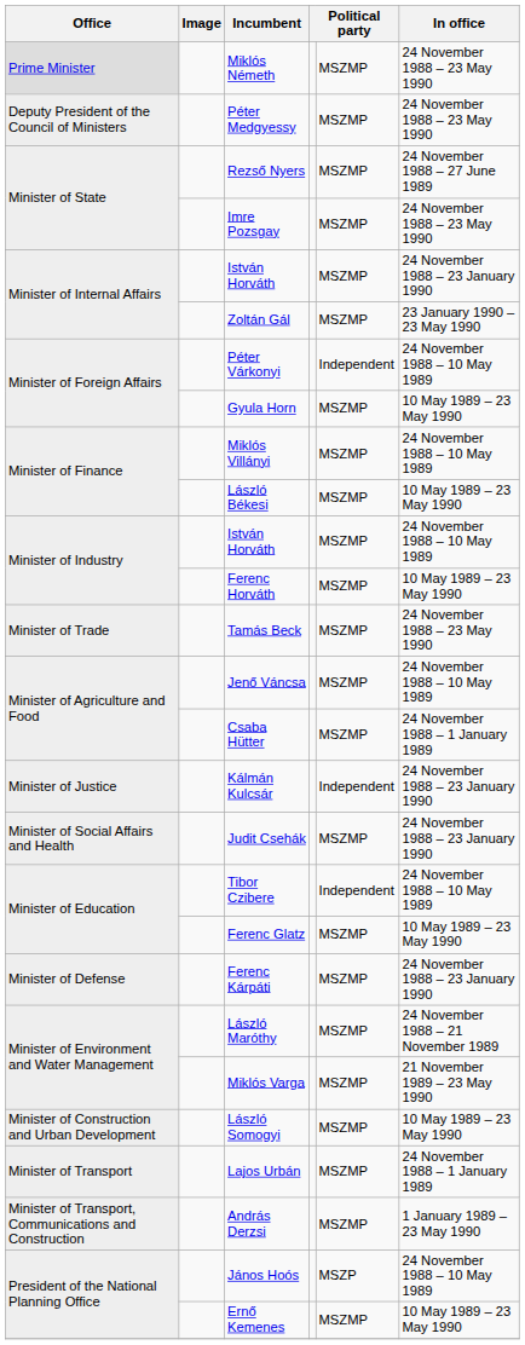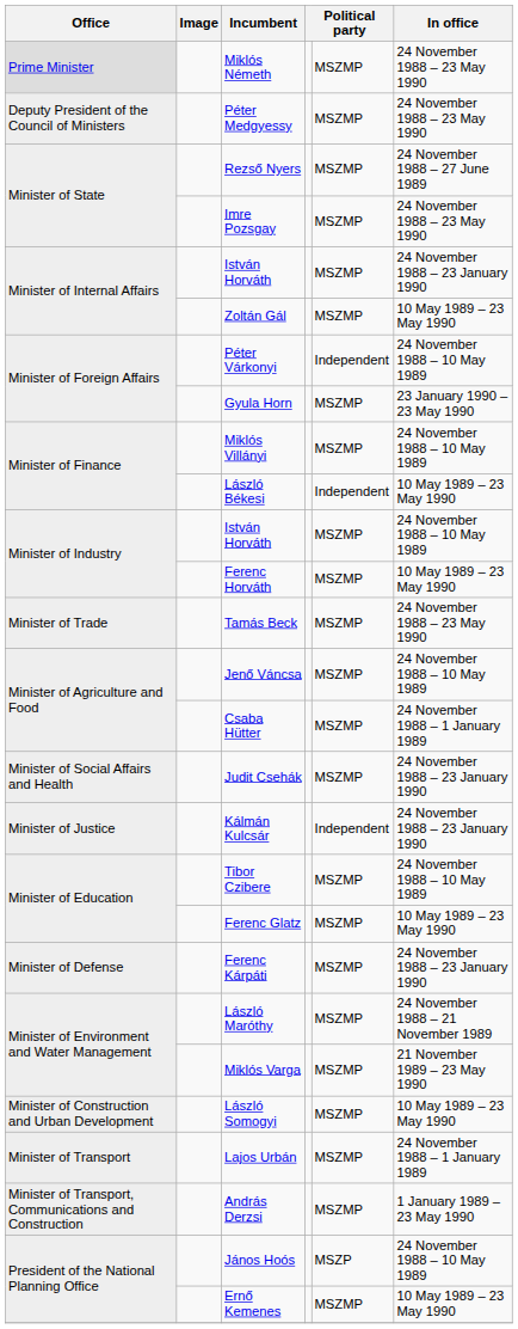 <table class="wikitable">
 <tr>
 <th>Office</th>
 <th>Image</th>
 <th>Incumbent</th>
 <th colspan="2">Political party</th>
 <th>In office</th>
 </tr>
 <tr>
 <td rowspan=1 style="background:#ddd;"><a href='#'>Prime Minister</a></td>
 <td></td>
 <td><a href='#'>Miklós Németh</a></td>
 <td style="background-color: "></td>
 <td>MSZMP</td>
 <td>24 November 1988 – 23 May 1990</td>
 </tr>
 <tr ---------------------------------------------------------->
 <td rowspan=1 style="background:#eee;">Deputy President of the Council of Ministers</td>
 <td></td>
 <td><a href='#'>Péter Medgyessy</a></td>
 <td style="background-color: "></td>
 <td>MSZMP</td>
 <td>24 November 1988 – 23 May 1990</td>
 </tr>
 <tr ----------------------------------------------------------->
 <td rowspan=2 style="background:#eee;">Minister of State</td>
 <td></td>
 <td><a href='#'>Rezső Nyers</a></td>
 <td style="background-color: "></td>
 <td>MSZMP</td>
 <td>24 November 1988 – 27 June 1989</td>
 </tr>
 <tr>
 <td></td>
 <td><a href='#'>Imre Pozsgay</a></td>
 <td style="background-color: "></td>
 <td>MSZMP</td>
 <td>24 November 1988 – 23 May 1990</td>
 </tr>
 <tr ------------------------------------------------->
 <td rowspan=2 style="background:#eee;">Minister of Internal Affairs</td>
 <td></td>
 <td><a href='#'>István Horváth</a></td>
 <td style="background-color: "></td>
 <td>MSZMP</td>
 <td>24 November 1988 – 23 January 1990</td>
 </tr>
 <tr>
 <td></td>
 <td><a href='#'>Zoltán Gál</a></td>
 <td style="background-color: "></td>
 <td>MSZMP</td>
-<td>23 January 1990 – 23 May 1990</td>
+<td>10 May 1989 – 23 May 1990</td>
 </tr>
 <tr --------------------------------------------------------------------->
 <td rowspan=2 style="background:#eee;">Minister of Foreign Affairs</td>
 <td></td>
 <td><a href='#'>Péter Várkonyi</a></td>
 <td style="background-color: "></td>
 <td>Independent</td>
 <td>24 November 1988 – 10 May 1989</td>
 </tr>
 <tr>
 <td></td>
 <td><a href='#'>Gyula Horn</a></td>
 <td style="background-color: "></td>
 <td>MSZMP</td>
-<td>10 May 1989 – 23 May 1990</td>
+<td>23 January 1990 – 23 May 1990</td>
 </tr>
 <tr ------------------------------------------------->
 <td rowspan=2 style="background:#eee;">Minister of Finance</td>
 <td></td>
 <td><a href='#'>Miklós Villányi</a></td>
 <td style="background-color: "></td>
 <td>MSZMP</td>
 <td>24 November 1988 – 10 May 1989</td>
 </tr>
 <tr>
 <td></td>
 <td><a href='#'>László Békesi</a></td>
 <td style="background-color: "></td>
-<td>MSZMP</td>
+<td>Independent</td>
 <td>10 May 1989 – 23 May 1990</td>
 </tr>
 <tr --------------------------------------------------------------------->
 <td rowspan=2 style="background:#eee;">Minister of Industry</td>
 <td></td>
 <td><a href='#'>István Horváth</a></td>
 <td style="background-color: "></td>
 <td>MSZMP</td>
 <td>24 November 1988 – 10 May 1989</td>
 </tr>
 <tr>
 <td></td>
 <td><a href='#'>Ferenc Horváth</a></td>
 <td style="background-color: "></td>
 <td>MSZMP</td>
 <td>10 May 1989 – 23 May 1990</td>
 </tr>
 <tr --------------------------------------------------------------------->
 <td rowspan=1 style="background:#eee;">Minister of Trade</td>
 <td></td>
 <td><a href='#'>Tamás Beck</a></td>
 <td style="background-color: "></td>
 <td>MSZMP</td>
 <td>24 November 1988 – 23 May 1990</td>
 </tr>
 <tr --------------------------------------------------------------------->
 <td rowspan=2 style="background:#eee;">Minister of Agriculture and Food</td>
 <td></td>
 <td><a href='#'>Jenő Váncsa</a></td>
 <td style="background-color: "></td>
 <td>MSZMP</td>
 <td>24 November 1988 – 10 May 1989</td>
 </tr>
 <tr>
 <td></td>
 <td><a href='#'>Csaba Hütter</a></td>
 <td style="background-color: "></td>
 <td>MSZMP</td>
 <td>24 November 1988 – 1 January 1989</td>
 </tr>
 <tr --------------------------------------------------------------------->
+<td rowspan=1 style="background:#eee;">Minister of Social Affairs and Health</td>
+<td></td>
+<td><a href='#'>Judit Csehák</a></td>
+<td style="background-color: "></td>
+<td>MSZMP</td>
+<td>24 November 1988 – 23 January 1990</td>
+</tr>
+<tr --------------------------------------------------------------------->
 <td rowspan=1 style="background:#eee;">Minister of Justice</td>
 <td></td>
 <td><a href='#'>Kálmán Kulcsár</a></td>
 <td style="background-color: "></td>
 <td>Independent</td>
 <td>24 November 1988 – 23 January 1990</td>
 </tr>
 <tr --------------------------------------------------------------------->
-<td rowspan=1 style="background:#eee;">Minister of Social Affairs and Health</td>
-<td></td>
-<td><a href='#'>Judit Csehák</a></td>
-<td style="background-color: "></td>
-<td>MSZMP</td>
-<td>24 November 1988 – 23 January 1990</td>
-</tr>
-<tr --------------------------------------------------------------------->
 <td rowspan=2 style="background:#eee;">Minister of Education</td>
 <td></td>
 <td><a href='#'>Tibor Czibere</a></td>
 <td style="background-color: "></td>
-<td>Independent</td>
+<td>MSZMP</td>
 <td>24 November 1988 – 10 May 1989</td>
 </tr>
 <tr>
 <td></td>
 <td><a href='#'>Ferenc Glatz</a></td>
 <td style="background-color: "></td>
 <td>MSZMP</td>
 <td>10 May 1989 – 23 May 1990</td>
 </tr>
 <tr --------------------------------------------------------------------->
 <td rowspan=1 style="background:#eee;">Minister of Defense</td>
 <td></td>
 <td><a href='#'>Ferenc Kárpáti</a></td>
 <td style="background-color: "></td>
 <td>MSZMP</td>
 <td>24 November 1988 – 23 January 1990</td>
 </tr>
 <tr --------------------------------------------------------------------->
 <td rowspan=2 style="background:#eee;">Minister of Environment and Water Management</td>
 <td></td>
 <td><a href='#'>László Maróthy</a></td>
 <td style="background-color: "></td>
 <td>MSZMP</td>
 <td>24 November 1988 – 21 November 1989</td>
 </tr>
 <tr>
 <td></td>
 <td><a href='#'>Miklós Varga</a></td>
 <td style="background-color: "></td>
 <td>MSZMP</td>
 <td>21 November 1989 – 23 May 1990</td>
 </tr>
 <tr --------------------------------------------------------------------->
 <td rowspan=1 style="background:#eee;">Minister of Construction and Urban Development <br></td>
 <td></td>
 <td><a href='#'>László Somogyi</a></td>
 <td style="background-color: "></td>
 <td>MSZMP</td>
 <td>10 May 1989 – 23 May 1990</td>
 </tr>
 <tr --------------------------------------------------------------------->
 <td rowspan=1 style="background:#eee;">Minister of Transport <br></td>
 <td></td>
 <td><a href='#'>Lajos Urbán</a></td>
 <td style="background-color: "></td>
 <td>MSZMP</td>
 <td>24 November 1988 – 1 January 1989</td>
 </tr>
 <tr --------------------------------------------------------------------->
 <td rowspan=1 style="background:#eee;">Minister of Transport, Communications and Construction <br></td>
 <td></td>
 <td><a href='#'>András Derzsi</a></td>
 <td style="background-color: "></td>
 <td>MSZMP</td>
 <td>1 January 1989 – 23 May 1990</td>
 </tr>
 <tr --------------------------------------------------------------------->
 <td rowspan=2 style="background:#eee;">President of the National Planning Office</td>
 <td></td>
 <td><a href='#'>János Hoós</a></td>
 <td style="background-color: "></td>
 <td>MSZP</td>
 <td>24 November 1988 – 10 May 1989</td>
 </tr>
 <tr>
 <td></td>
 <td><a href='#'>Ernő Kemenes</a></td>
 <td style="background-color: "></td>
 <td>MSZMP</td>
 <td>10 May 1989 – 23 May 1990</td>
 </tr>
 <tr --------------------------------------------------------------------->
 </tr>
 </table>
